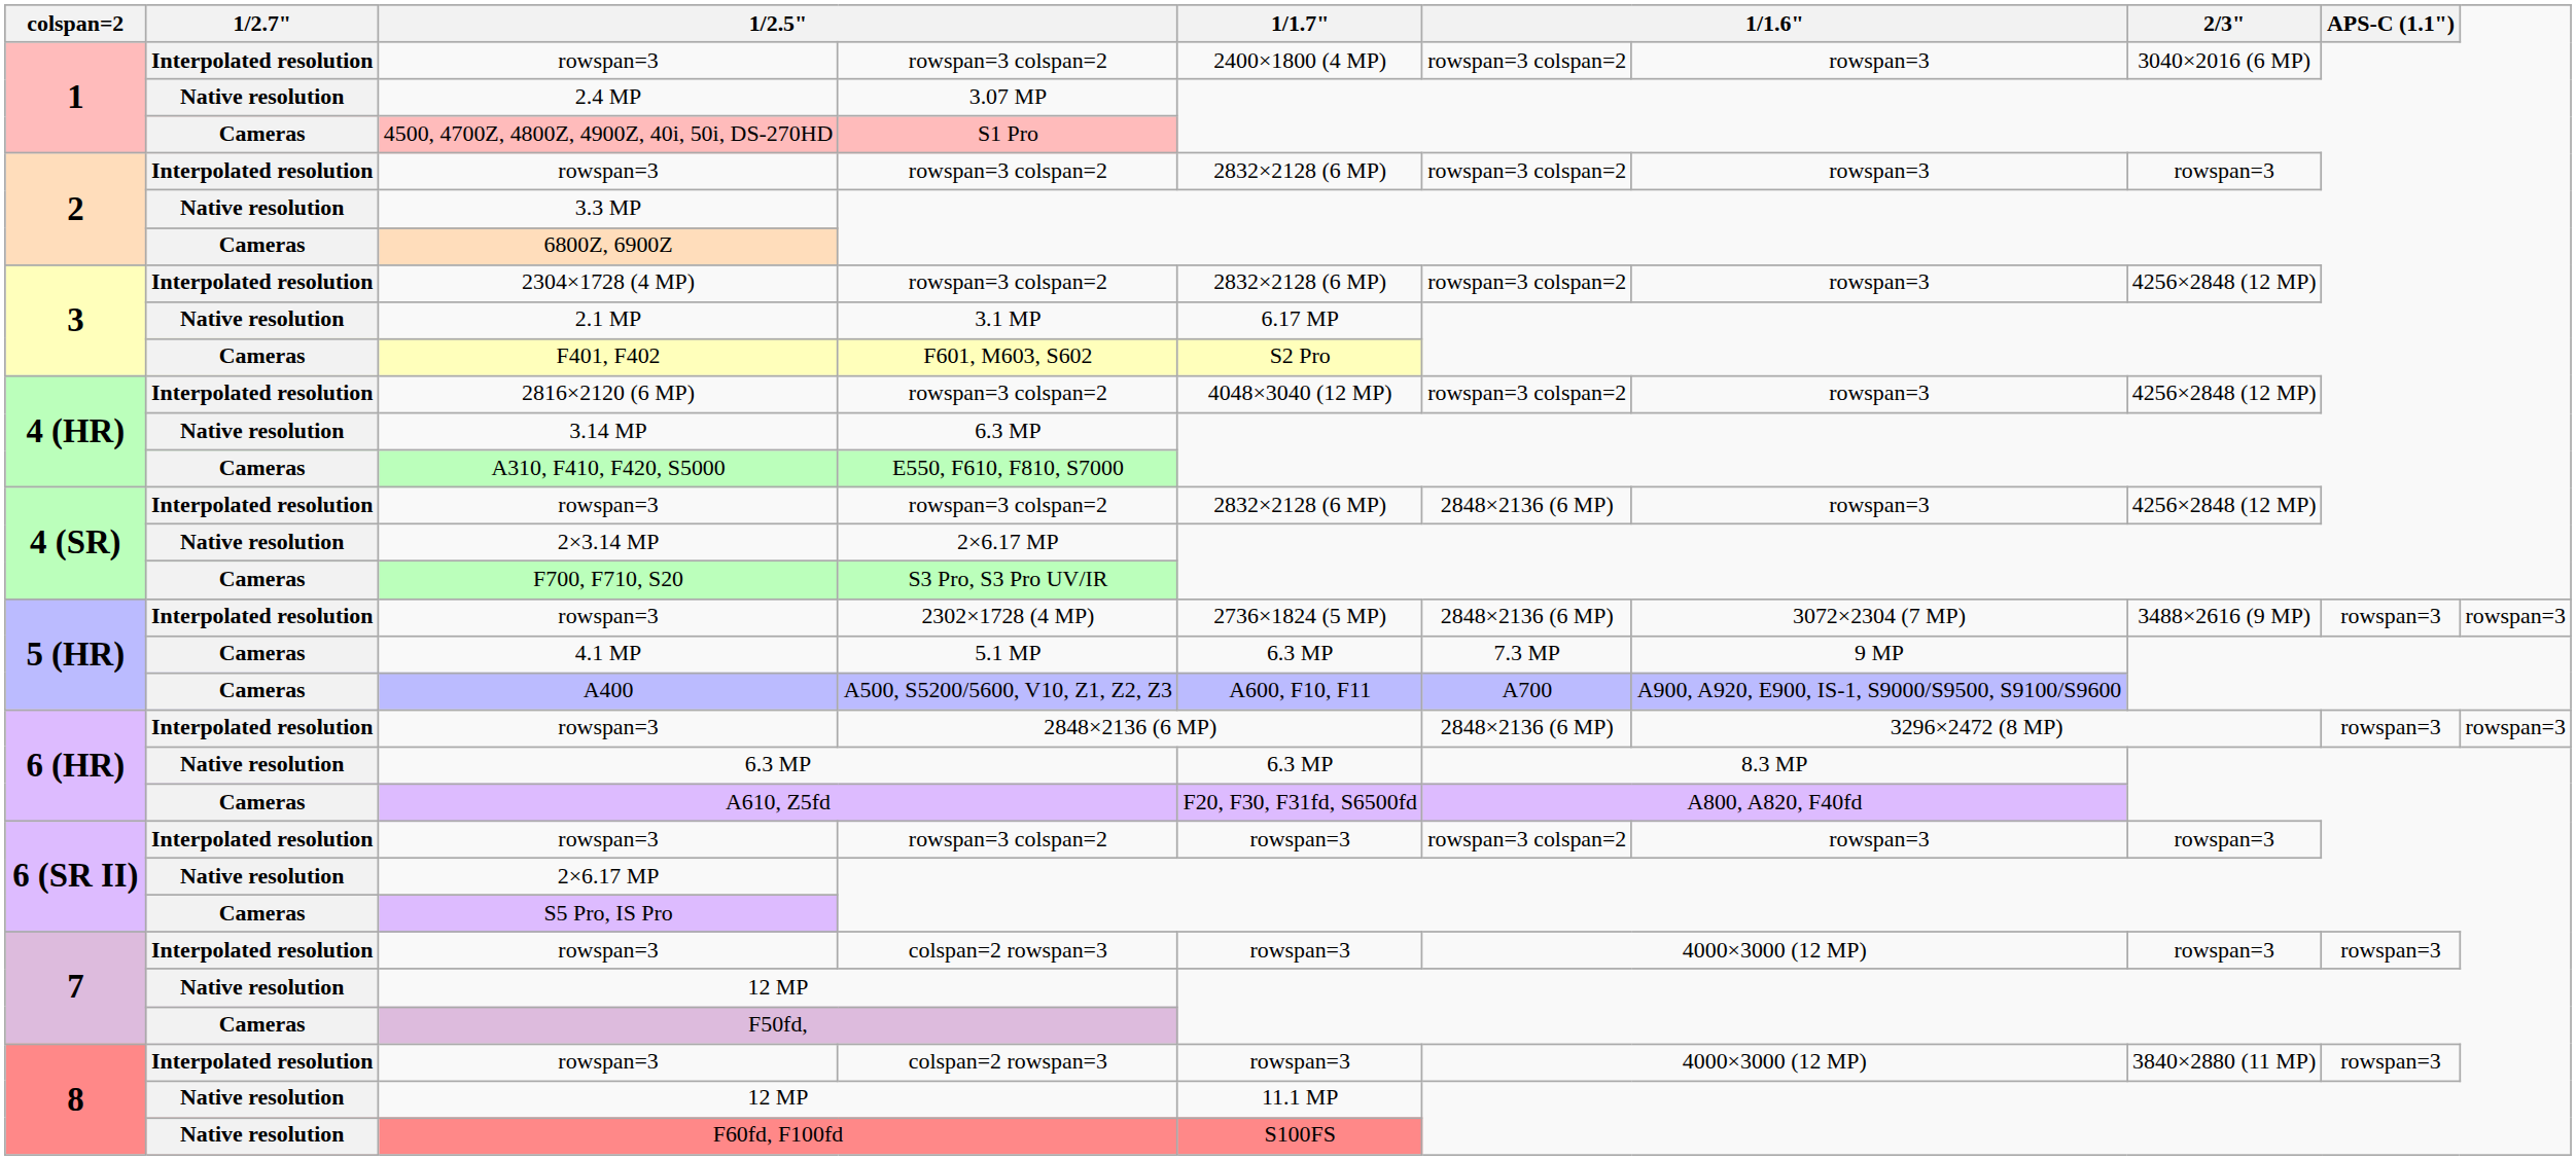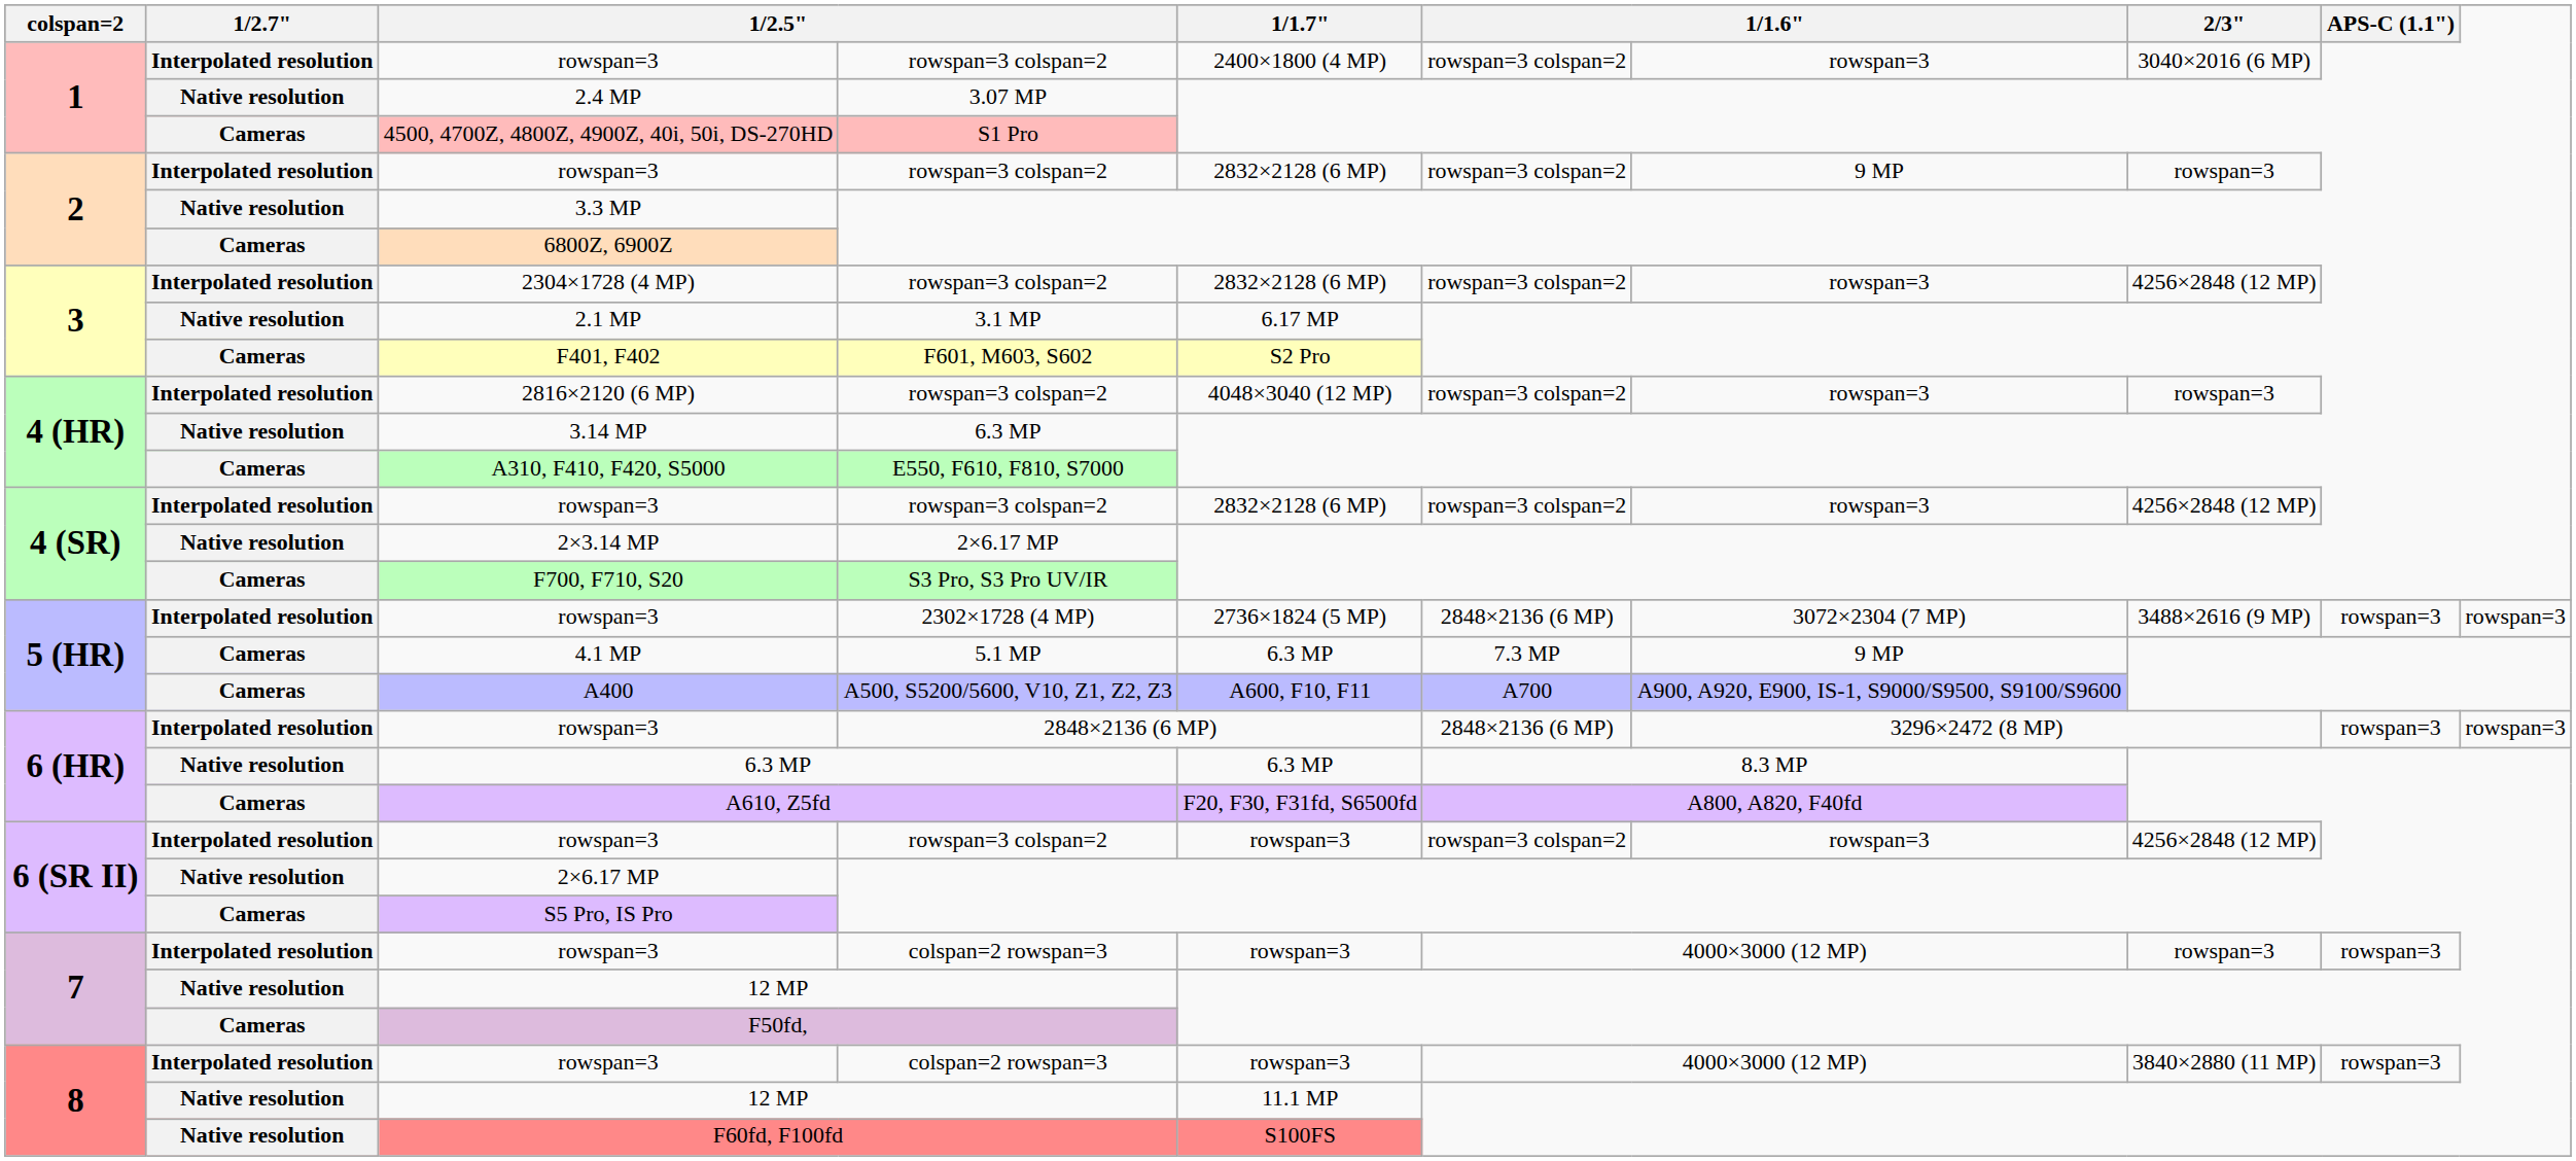 <table class="wikitable" style="font-size:80%;text-align:center;">
 <tr>
 <th>colspan=2 </th>
 <th>1/2.7"</th>
 <th colspan=2>1/2.5"</th>
 <th>1/1.7"</th>
 <th colspan=2>1/1.6"</th>
 <th>2/3"</th>
 <th>APS-C (1.1")</th>
 </tr>
 <tr>
 <th rowspan=3 style="font-size:150%;background:#fbb;">1</th>
 <th>Interpolated resolution</th>
 <td>rowspan=3 </td>
 <td>rowspan=3 colspan=2 </td>
 <td>2400×1800 (4 MP)</td>
 <td>rowspan=3 colspan=2 </td>
 <td>rowspan=3 </td>
 <td>3040×2016 (6 MP)</td>
 </tr>
 <tr>
 <th>Native resolution</th>
 <td>2.4 MP</td>
 <td>3.07 MP</td>
 </tr>
 <tr style="background:#fbb;">
 <th>Cameras</th>
 <td>4500, 4700Z, 4800Z, 4900Z, 40i, 50i, DS-270HD</td>
 <td>S1 Pro</td>
 </tr>
 <tr>
 <th rowspan=3 style="font-size:150%;background:#fdb;">2</th>
 <th>Interpolated resolution</th>
 <td>rowspan=3 </td>
 <td>rowspan=3 colspan=2 </td>
 <td>2832×2128 (6 MP)</td>
 <td>rowspan=3 colspan=2 </td>
-<td>rowspan=3 </td>
+<td>9 MP</td>
 <td>rowspan=3 </td>
 </tr>
 <tr>
 <th>Native resolution</th>
 <td>3.3 MP</td>
 </tr>
 <tr style="background:#fdb;">
 <th>Cameras</th>
 <td>6800Z, 6900Z</td>
 </tr>
 <tr>
 <th rowspan=3 style="font-size:150%;background:#ffb;">3</th>
 <th>Interpolated resolution</th>
 <td>2304×1728 (4 MP)</td>
 <td>rowspan=3 colspan=2 </td>
 <td>2832×2128 (6 MP)</td>
 <td>rowspan=3 colspan=2 </td>
 <td>rowspan=3 </td>
 <td>4256×2848 (12 MP)</td>
 </tr>
 <tr>
 <th>Native resolution</th>
 <td>2.1 MP</td>
 <td>3.1 MP</td>
 <td>6.17 MP</td>
 </tr>
 <tr style="background:#ffb;">
 <th>Cameras</th>
 <td>F401, F402</td>
 <td>F601, M603, S602</td>
 <td>S2 Pro</td>
 </tr>
 <tr>
 <th rowspan=3 style="font-size:150%;background:#bfb;">4 (HR)</th>
 <th>Interpolated resolution</th>
 <td>2816×2120 (6 MP)</td>
 <td>rowspan=3 colspan=2 </td>
 <td>4048×3040 (12 MP)</td>
 <td>rowspan=3 colspan=2 </td>
 <td>rowspan=3 </td>
-<td>4256×2848 (12 MP)</td>
+<td>rowspan=3 </td>
 </tr>
 <tr>
 <th>Native resolution</th>
 <td>3.14 MP</td>
 <td>6.3 MP</td>
 </tr>
 <tr style="background:#bfb;">
 <th>Cameras</th>
 <td>A310, F410, F420, S5000</td>
 <td>E550, F610, F810, S7000</td>
 </tr>
 <tr>
 <th rowspan=3 style="font-size:150%;background:#bfb;">4 (SR)</th>
 <th>Interpolated resolution</th>
 <td>rowspan=3 </td>
 <td>rowspan=3 colspan=2 </td>
 <td>2832×2128 (6 MP)</td>
-<td>2848×2136 (6 MP)</td>
+<td>rowspan=3 colspan=2 </td>
 <td>rowspan=3 </td>
 <td>4256×2848 (12 MP)</td>
 </tr>
 <tr>
 <th>Native resolution</th>
 <td>2×3.14 MP</td>
 <td>2×6.17 MP</td>
 </tr>
 <tr style="background:#bfb;">
 <th>Cameras</th>
 <td>F700, F710, S20</td>
 <td>S3 Pro, S3 Pro UV/IR</td>
 </tr>
 <tr>
 <th rowspan=3 style="font-size:150%;background:#bbf;">5 (HR)</th>
 <th>Interpolated resolution</th>
 <td>rowspan=3 </td>
 <td>2302×1728 (4 MP)</td>
 <td>2736×1824 (5 MP)</td>
 <td>2848×2136 (6 MP)</td>
 <td>3072×2304 (7 MP)</td>
 <td>3488×2616 (9 MP)</td>
 <td>rowspan=3 </td>
 <td>rowspan=3 </td>
 </tr>
 <tr>
 <th>Cameras</th>
 <td>4.1 MP</td>
 <td>5.1 MP</td>
 <td>6.3 MP</td>
 <td>7.3 MP</td>
 <td>9 MP</td>
 </tr>
 <tr style="background:#bbf;">
 <th>Cameras</th>
 <td>A400</td>
 <td>A500, S5200/5600, V10, Z1, Z2, Z3</td>
 <td>A600, F10, F11</td>
 <td>A700</td>
 <td>A900, A920, E900, IS-1, S9000/S9500, S9100/S9600</td>
 </tr>
 <tr>
 <th rowspan=3 style="font-size:150%;background:#dbf;">6 (HR)</th>
 <th>Interpolated resolution</th>
 <td>rowspan=3 </td>
 <td colspan=2>2848×2136 (6 MP)</td>
 <td>2848×2136 (6 MP)</td>
 <td colspan=2>3296×2472 (8 MP)</td>
 <td>rowspan=3 </td>
 <td>rowspan=3 </td>
 </tr>
 <tr>
 <th>Native resolution</th>
 <td colspan=2>6.3 MP</td>
 <td>6.3 MP</td>
 <td colspan=2>8.3 MP</td>
 </tr>
 <tr style="background:#dbf;">
 <th>Cameras</th>
 <td colspan=2>A610, Z5fd</td>
 <td>F20, F30, F31fd, S6500fd</td>
 <td colspan=2>A800, A820, F40fd</td>
 </tr>
 <tr>
 <th rowspan=3 style="font-size:150%;background:#dbf;">6 (SR II)</th>
 <th>Interpolated resolution</th>
 <td>rowspan=3 </td>
 <td>rowspan=3 colspan=2 </td>
 <td>rowspan=3 </td>
 <td>rowspan=3 colspan=2 </td>
 <td>rowspan=3 </td>
-<td>rowspan=3 </td>
+<td>4256×2848 (12 MP)</td>
 </tr>
 <tr>
 <th>Native resolution</th>
 <td>2×6.17 MP</td>
 </tr>
 <tr style="background:#dbf;">
 <th>Cameras</th>
 <td>S5 Pro, IS Pro</td>
 </tr>
 <tr>
 <th rowspan=3 style="font-size:150%;background:#dbd;">7</th>
 <th>Interpolated resolution</th>
 <td>rowspan=3 </td>
 <td>colspan=2 rowspan=3 </td>
 <td>rowspan=3 </td>
 <td colspan=2>4000×3000 (12 MP)</td>
 <td>rowspan=3 </td>
 <td>rowspan=3 </td>
 </tr>
 <tr>
 <th>Native resolution</th>
 <td colspan=2>12 MP</td>
 </tr>
 <tr style="background:#dbd;">
 <th>Cameras</th>
 <td colspan=2>F50fd,</td>
 </tr>
 <tr>
 <th rowspan=3 style="font-size:150%;background:#f88;">8</th>
 <th>Interpolated resolution</th>
 <td>rowspan=3 </td>
 <td>colspan=2 rowspan=3 </td>
 <td>rowspan=3 </td>
 <td colspan=2>4000×3000 (12 MP)</td>
 <td>3840×2880 (11 MP)</td>
 <td>rowspan=3 </td>
 </tr>
 <tr>
 <th>Native resolution</th>
 <td colspan=2>12 MP</td>
 <td>11.1 MP</td>
 </tr>
 <tr style="background:#f88;">
 <th>Native resolution</th>
 <td colspan=2>F60fd, F100fd</td>
 <td>S100FS</td>
 </tr>
 </table>
